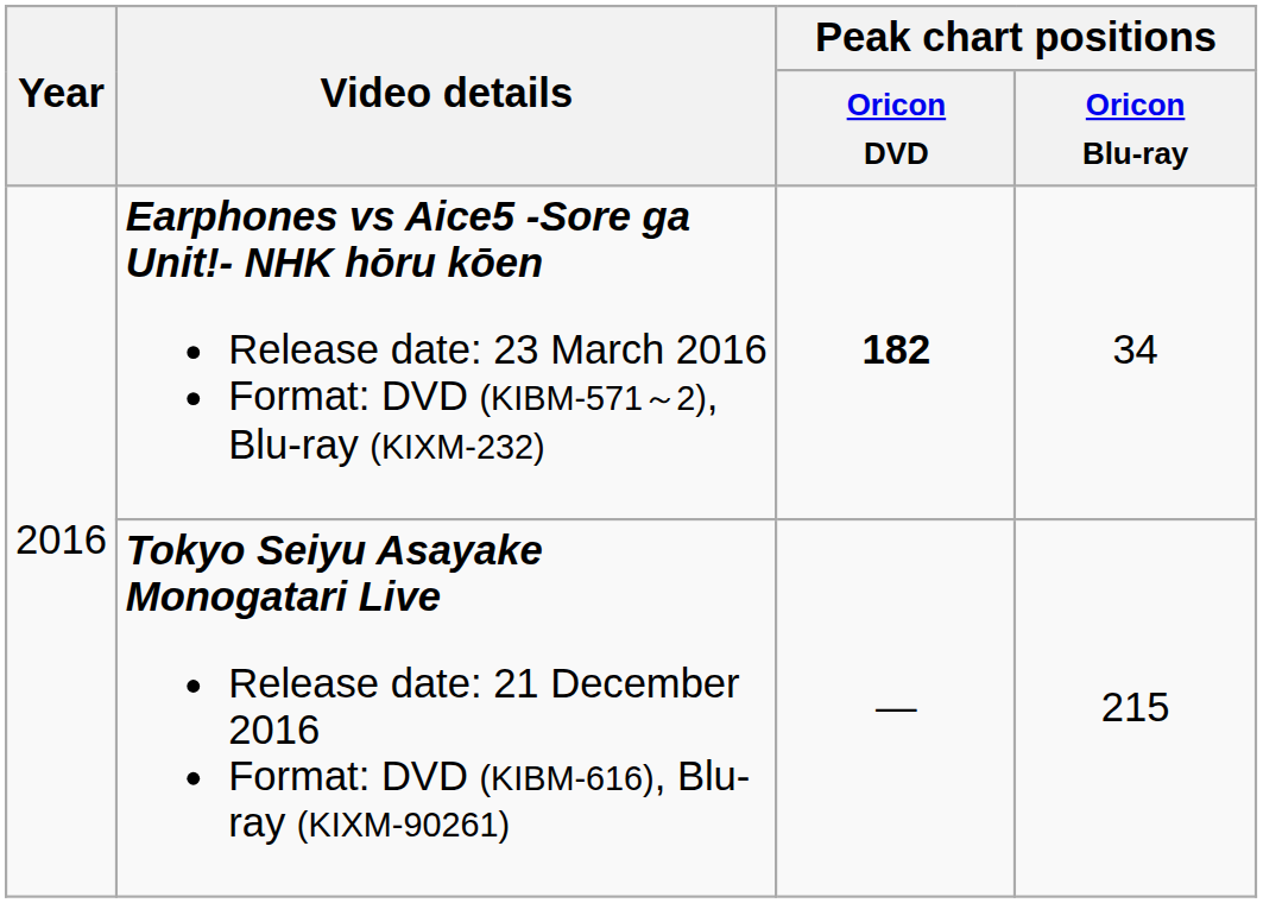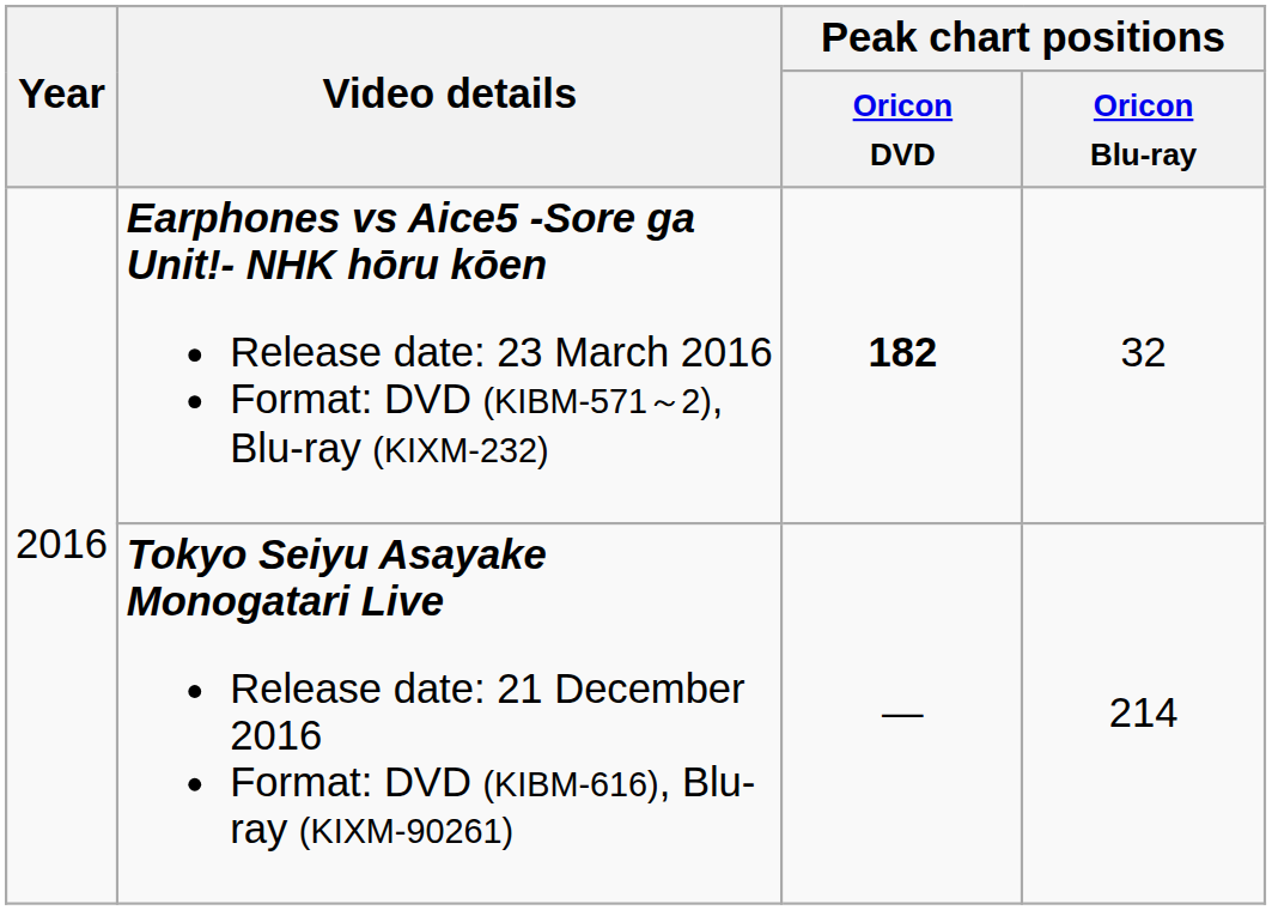 <table class="wikitable">
 <tr>
 <th rowspan="2">Year</th>
 <th rowspan="2" width="250">Video details</th>
 <th colspan="2">Peak chart positions</th>
 </tr>
 <tr>
 <th style="width:6em;font-size:90%;line-height:1.3"><small><a href='#'>Oricon</a><br>DVD</small></th>
 <th style="width:6em;font-size:90%;line-height:1.3"><small><a href='#'>Oricon</a><br>Blu-ray</small></th>
 </tr>
 <tr>
 <td rowspan="2">2016</td>
 <td><strong><em>Earphones vs Aice5 -Sore ga Unit!- NHK hōru kōen</em></strong><br><ul><li>Release date: 23 March 2016</li><li>Format: DVD <small>(KIBM-571～2)</small>, Blu-ray <small>(KIXM-232)</small></li></ul></td>
 <td style="text-align:center"><strong>182</strong></td>
-<td style="text-align:center">34</td>
+<td style="text-align:center">32</td>
 </tr>
 <tr>
 <td><strong><em>Tokyo Seiyu Asayake Monogatari Live</em></strong><br><ul><li>Release date: 21 December 2016</li><li>Format: DVD <small>(KIBM-616)</small>, Blu-ray <small>(KIXM-90261)</small></li></ul></td>
 <td style="text-align:center">—</td>
-<td style="text-align:center">215</td>
+<td style="text-align:center">214</td>
 </tr>
 </table>
